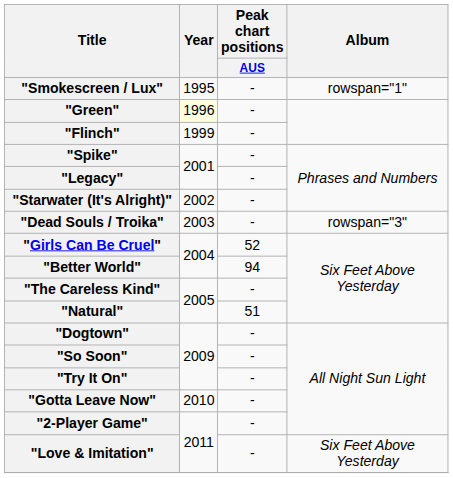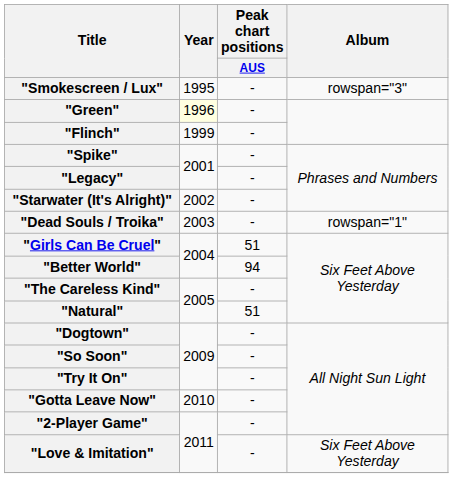 <table class="wikitable mw-collapsible plainrowheaders" style="text-align:center;">
 <tr>
 <th rowspan=2 style="width:12em;">Title</th>
 <th scope="col" rowspan="2" style="width:1em;">Year</th>
 <th colspan=1>Peak chart positions</th>
 <th scope="col" rowspan="2" style="width:11em;">Album</th>
 </tr>
 <tr>
 <th style="width:3em;font-size:85%"><a href='#'>AUS</a></th>
 </tr>
 <tr>
 <th scope="row">"Smokescreen / Lux"</th>
 <td rowspan="1">1995</td>
 <td>-</td>
-<td>rowspan="1" </td>
+<td>rowspan="3" </td>
 </tr>
 <tr>
 <th scope="row">"Green"</th>
 <td rowspan="1" style="background: lightyellow;">1996</td>
 <td>-</td>
 </tr>
 <tr>
 <th scope="row">"Flinch"</th>
 <td rowspan="1">1999</td>
 <td>-</td>
 </tr>
 <tr>
 <th scope="row">"Spike"</th>
 <td rowspan="2">2001</td>
 <td>-</td>
 <td rowspan="3"><em>Phrases and Numbers</em></td>
 </tr>
 <tr>
 <th scope="row">"Legacy"</th>
 <td>-</td>
 </tr>
 <tr>
 <th scope="row">"Starwater (It's Alright)"</th>
 <td rowspan="1">2002</td>
 <td>-</td>
 </tr>
 <tr>
 <th scope="row">"Dead Souls / Troika"</th>
 <td rowspan="1">2003</td>
 <td>-</td>
-<td>rowspan="3" </td>
+<td>rowspan="1" </td>
 </tr>
 <tr>
 <th scope="row">"<a href='#'>Girls Can Be Cruel</a>"</th>
 <td rowspan="2">2004</td>
-<td>52</td>
+<td>51</td>
 <td rowspan="4"><em>Six Feet Above Yesterday</em></td>
 </tr>
 <tr>
 <th scope="row">"Better World"</th>
 <td>94</td>
 </tr>
 <tr>
 <th scope="row">"The Careless Kind"</th>
 <td rowspan="2">2005</td>
 <td>-</td>
 </tr>
 <tr>
 <th scope="row">"Natural"</th>
 <td>51</td>
 </tr>
 <tr>
 <th scope="row">"Dogtown"</th>
 <td rowspan="3">2009</td>
 <td>-</td>
 <td rowspan="5"><em>All Night Sun Light</em></td>
 </tr>
 <tr>
 <th scope="row">"So Soon"</th>
 <td>-</td>
 </tr>
 <tr>
 <th scope="row">"Try It On"</th>
 <td>-</td>
 </tr>
 <tr>
 <th scope="row">"Gotta Leave Now"</th>
 <td rowspan="1">2010</td>
 <td>-</td>
 </tr>
 <tr>
 <th scope="row">"2-Player Game"</th>
 <td rowspan="2">2011</td>
 <td>-</td>
 </tr>
 <tr>
 <th scope="row">"Love & Imitation"</th>
 <td>-</td>
 <td rowspan="1"><em>Six Feet Above Yesterday</em></td>
 </tr>
 <tr>
 </tr>
 </table>
